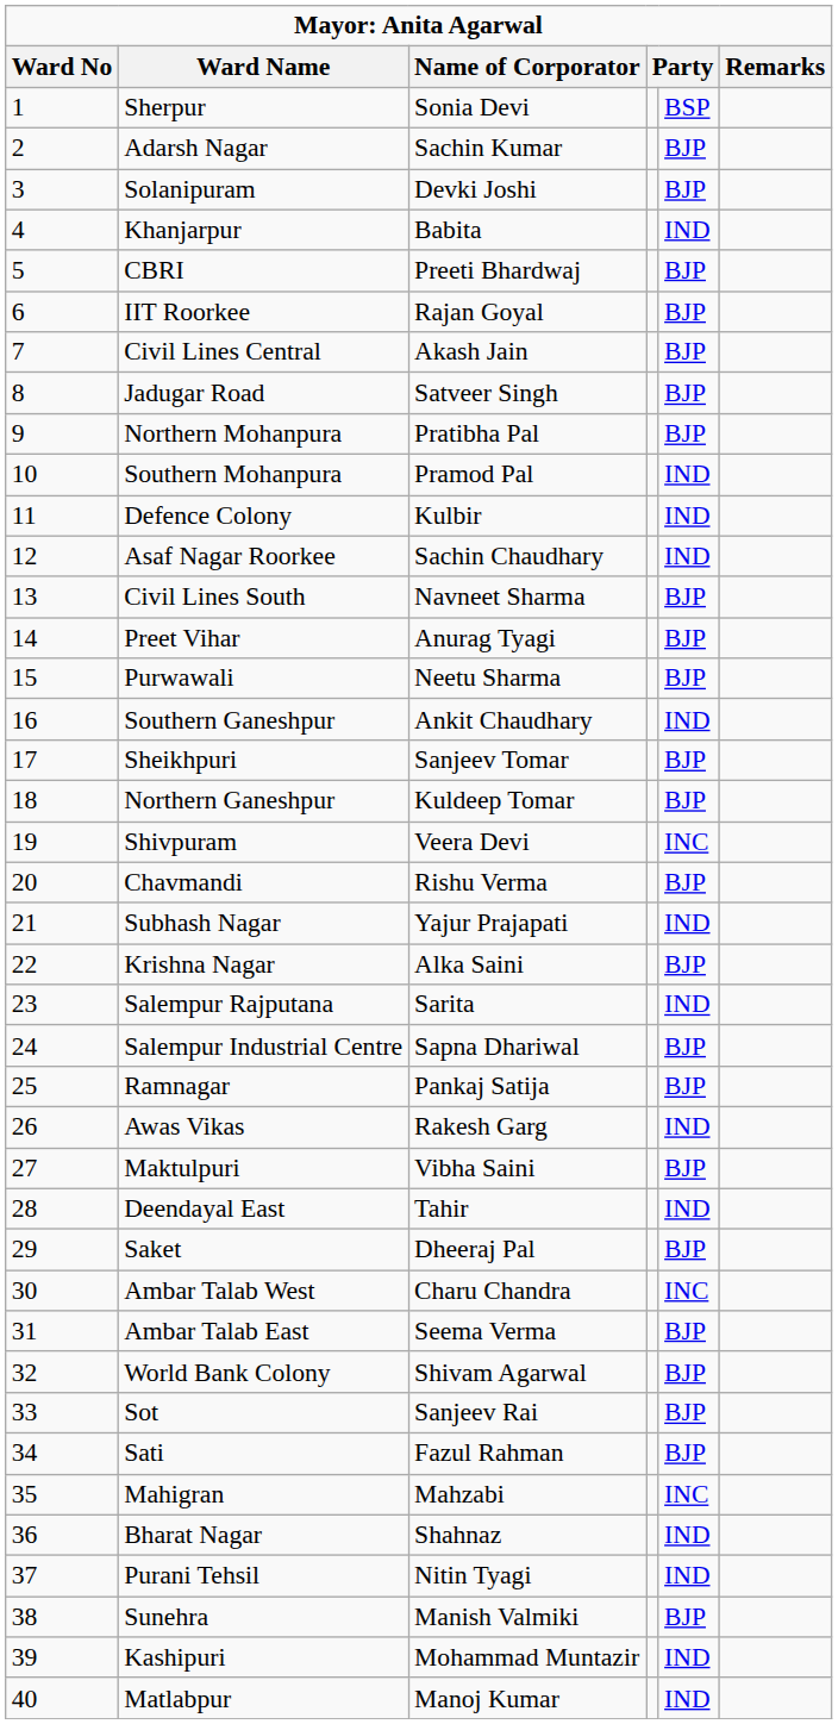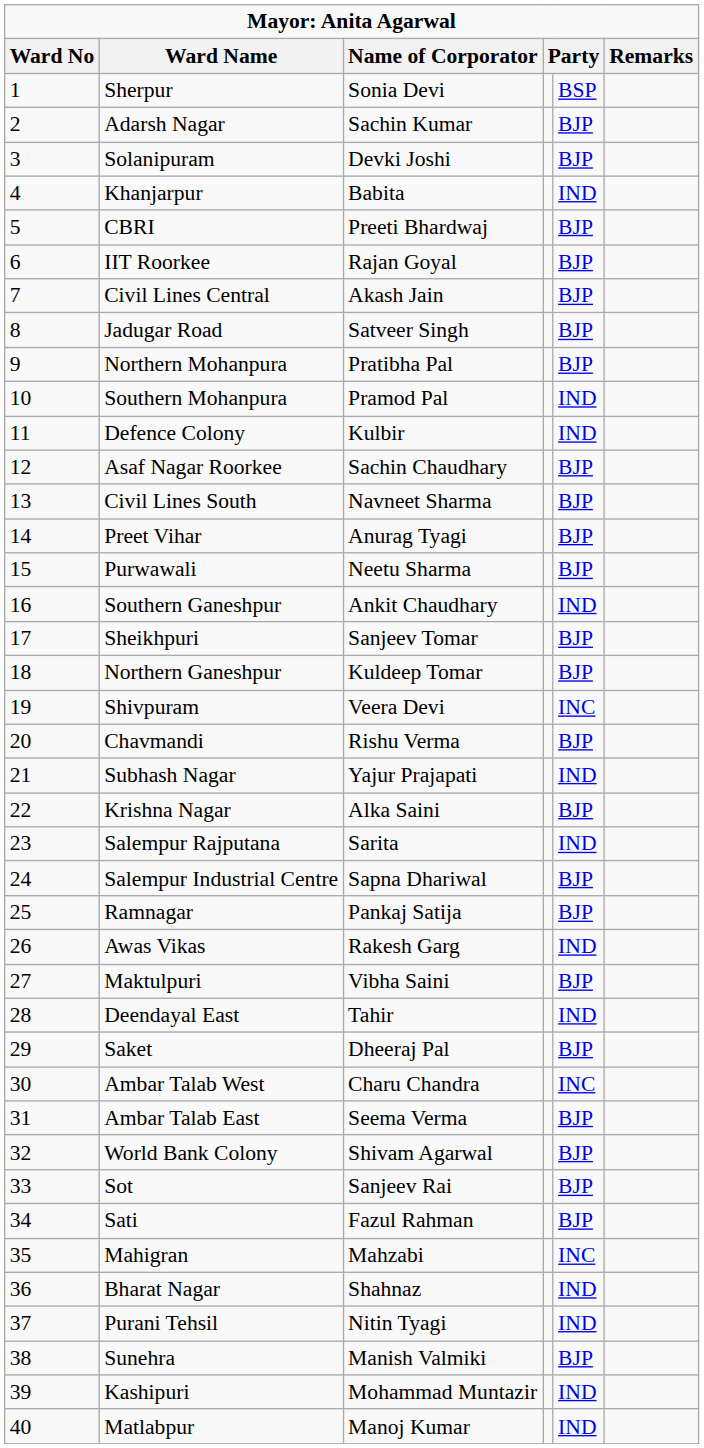 <table class="wikitable">
 <tr>
 <td colspan=6 align=center><span><strong>Mayor: Anita Agarwal</strong></span></td>
 </tr>
 <tr>
 <th>Ward No</th>
 <th>Ward Name</th>
 <th>Name of Corporator</th>
 <th colspan="2">Party</th>
 <th>Remarks</th>
 </tr>
 <tr>
 <td>1</td>
 <td>Sherpur</td>
 <td>Sonia Devi</td>
 <td style="background-color: "></td>
 <td><a href='#'>BSP</a></td>
 <td></td>
 </tr>
 <tr>
 <td>2</td>
 <td>Adarsh Nagar</td>
 <td>Sachin Kumar</td>
 <td style="background-color: "></td>
 <td><a href='#'>BJP</a></td>
 <td></td>
 </tr>
 <tr>
 <td>3</td>
 <td>Solanipuram</td>
 <td>Devki Joshi</td>
 <td style="background-color: "></td>
 <td><a href='#'>BJP</a></td>
 <td></td>
 </tr>
 <tr>
 <td>4</td>
 <td>Khanjarpur</td>
 <td>Babita</td>
 <td style="background-color: "></td>
 <td><a href='#'>IND</a></td>
 <td></td>
 </tr>
 <tr>
 <td>5</td>
 <td>CBRI</td>
 <td>Preeti Bhardwaj</td>
 <td style="background-color: "></td>
 <td><a href='#'>BJP</a></td>
 <td></td>
 </tr>
 <tr>
 <td>6</td>
 <td>IIT Roorkee</td>
 <td>Rajan Goyal</td>
 <td style="background-color: "></td>
 <td><a href='#'>BJP</a></td>
 <td></td>
 </tr>
 <tr>
 <td>7</td>
 <td>Civil Lines Central</td>
 <td>Akash Jain</td>
 <td style="background-color: "></td>
 <td><a href='#'>BJP</a></td>
 <td></td>
 </tr>
 <tr>
 <td>8</td>
 <td>Jadugar Road</td>
 <td>Satveer Singh</td>
 <td style="background-color: "></td>
 <td><a href='#'>BJP</a></td>
 <td></td>
 </tr>
 <tr>
 <td>9</td>
 <td>Northern Mohanpura</td>
 <td>Pratibha Pal</td>
 <td style="background-color: "></td>
 <td><a href='#'>BJP</a></td>
 <td></td>
 </tr>
 <tr>
 <td>10</td>
 <td>Southern Mohanpura</td>
 <td>Pramod Pal</td>
 <td style="background-color: "></td>
 <td><a href='#'>IND</a></td>
 <td></td>
 </tr>
 <tr>
 <td>11</td>
 <td>Defence Colony</td>
 <td>Kulbir</td>
 <td style="background-color: "></td>
 <td><a href='#'>IND</a></td>
 <td></td>
 </tr>
 <tr>
 <td>12</td>
 <td>Asaf Nagar Roorkee</td>
 <td>Sachin Chaudhary</td>
 <td style="background-color: "></td>
-<td><a href='#'>IND</a></td>
+<td><a href='#'>BJP</a></td>
 <td></td>
 </tr>
 <tr>
 <td>13</td>
 <td>Civil Lines South</td>
 <td>Navneet Sharma</td>
 <td style="background-color: "></td>
 <td><a href='#'>BJP</a></td>
 <td></td>
 </tr>
 <tr>
 <td>14</td>
 <td>Preet Vihar</td>
 <td>Anurag Tyagi</td>
 <td style="background-color: "></td>
 <td><a href='#'>BJP</a></td>
 <td></td>
 </tr>
 <tr>
 <td>15</td>
 <td>Purwawali</td>
 <td>Neetu Sharma</td>
 <td style="background-color: "></td>
 <td><a href='#'>BJP</a></td>
 <td></td>
 </tr>
 <tr>
 <td>16</td>
 <td>Southern Ganeshpur</td>
 <td>Ankit Chaudhary</td>
 <td style="background-color: "></td>
 <td><a href='#'>IND</a></td>
 <td></td>
 </tr>
 <tr>
 <td>17</td>
 <td>Sheikhpuri</td>
 <td>Sanjeev Tomar</td>
 <td style="background-color: "></td>
 <td><a href='#'>BJP</a></td>
 <td></td>
 </tr>
 <tr>
 <td>18</td>
 <td>Northern Ganeshpur</td>
 <td>Kuldeep Tomar</td>
 <td style="background-color: "></td>
 <td><a href='#'>BJP</a></td>
 <td></td>
 </tr>
 <tr>
 <td>19</td>
 <td>Shivpuram</td>
 <td>Veera Devi</td>
 <td style="background-color: "></td>
 <td><a href='#'>INC</a></td>
 <td></td>
 </tr>
 <tr>
 <td>20</td>
 <td>Chavmandi</td>
 <td>Rishu Verma</td>
 <td style="background-color: "></td>
 <td><a href='#'>BJP</a></td>
 <td></td>
 </tr>
 <tr>
 <td>21</td>
 <td>Subhash Nagar</td>
 <td>Yajur Prajapati</td>
 <td style="background-color: "></td>
 <td><a href='#'>IND</a></td>
 <td></td>
 </tr>
 <tr>
 <td>22</td>
 <td>Krishna Nagar</td>
 <td>Alka Saini</td>
 <td style="background-color: "></td>
 <td><a href='#'>BJP</a></td>
 <td></td>
 </tr>
 <tr>
 <td>23</td>
 <td>Salempur Rajputana</td>
 <td>Sarita</td>
 <td style="background-color: "></td>
 <td><a href='#'>IND</a></td>
 <td></td>
 </tr>
 <tr>
 <td>24</td>
 <td>Salempur Industrial Centre</td>
 <td>Sapna Dhariwal</td>
 <td style="background-color: "></td>
 <td><a href='#'>BJP</a></td>
 <td></td>
 </tr>
 <tr>
 <td>25</td>
 <td>Ramnagar</td>
 <td>Pankaj Satija</td>
 <td style="background-color: "></td>
 <td><a href='#'>BJP</a></td>
 <td></td>
 </tr>
 <tr>
 <td>26</td>
 <td>Awas Vikas</td>
 <td>Rakesh Garg</td>
 <td style="background-color: "></td>
 <td><a href='#'>IND</a></td>
 <td></td>
 </tr>
 <tr>
 <td>27</td>
 <td>Maktulpuri</td>
 <td>Vibha Saini</td>
 <td style="background-color: "></td>
 <td><a href='#'>BJP</a></td>
 <td></td>
 </tr>
 <tr>
 <td>28</td>
 <td>Deendayal East</td>
 <td>Tahir</td>
 <td style="background-color: "></td>
 <td><a href='#'>IND</a></td>
 <td></td>
 </tr>
 <tr>
 <td>29</td>
 <td>Saket</td>
 <td>Dheeraj Pal</td>
 <td style="background-color: "></td>
 <td><a href='#'>BJP</a></td>
 <td></td>
 </tr>
 <tr>
 <td>30</td>
 <td>Ambar Talab West</td>
 <td>Charu Chandra</td>
 <td style="background-color: "></td>
 <td><a href='#'>INC</a></td>
 <td></td>
 </tr>
 <tr>
 <td>31</td>
 <td>Ambar Talab East</td>
 <td>Seema Verma</td>
 <td style="background-color: "></td>
 <td><a href='#'>BJP</a></td>
 <td></td>
 </tr>
 <tr>
 <td>32</td>
 <td>World Bank Colony</td>
 <td>Shivam Agarwal</td>
 <td style="background-color: "></td>
 <td><a href='#'>BJP</a></td>
 <td></td>
 </tr>
 <tr>
 <td>33</td>
 <td>Sot</td>
 <td>Sanjeev Rai</td>
 <td style="background-color: "></td>
 <td><a href='#'>BJP</a></td>
 <td></td>
 </tr>
 <tr>
 <td>34</td>
 <td>Sati</td>
 <td>Fazul Rahman</td>
 <td style="background-color: "></td>
 <td><a href='#'>BJP</a></td>
 <td></td>
 </tr>
 <tr>
 <td>35</td>
 <td>Mahigran</td>
 <td>Mahzabi</td>
 <td style="background-color: "></td>
 <td><a href='#'>INC</a></td>
 <td></td>
 </tr>
 <tr>
 <td>36</td>
 <td>Bharat Nagar</td>
 <td>Shahnaz</td>
 <td style="background-color: "></td>
 <td><a href='#'>IND</a></td>
 <td></td>
 </tr>
 <tr>
 <td>37</td>
 <td>Purani Tehsil</td>
 <td>Nitin Tyagi</td>
 <td style="background-color: "></td>
 <td><a href='#'>IND</a></td>
 <td></td>
 </tr>
 <tr>
 <td>38</td>
 <td>Sunehra</td>
 <td>Manish Valmiki</td>
 <td style="background-color: "></td>
 <td><a href='#'>BJP</a></td>
 <td></td>
 </tr>
 <tr>
 <td>39</td>
 <td>Kashipuri</td>
 <td>Mohammad Muntazir</td>
 <td style="background-color: "></td>
 <td><a href='#'>IND</a></td>
 <td></td>
 </tr>
 <tr>
 <td>40</td>
 <td>Matlabpur</td>
 <td>Manoj Kumar</td>
 <td style="background-color: "></td>
 <td><a href='#'>IND</a></td>
 <td></td>
 </tr>
 </table>
